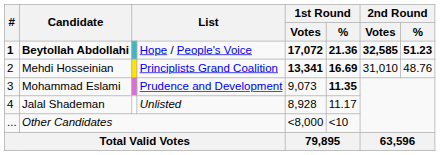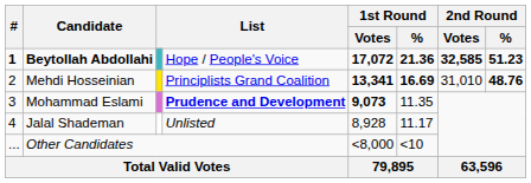 <table class="wikitable">
 <tr>
 <th rowspan="2">#</th>
 <th rowspan="2">Candidate</th>
 <th rowspan="2" colspan="2">List</th>
 <th colspan="2">1st Round</th>
 <th colspan="2">2nd Round</th>
 </tr>
 <tr>
 <th>Votes</th>
 <th>%</th>
 <th>Votes</th>
 <th>%</th>
 </tr>
 <tr>
 <td><strong>1</strong></td>
 <td><strong>Beytollah Abdollahi</strong></td>
 <td style="background:#3cb8c2"></td>
 <td><a href='#'>Hope</a> / <a href='#'>People's Voice</a></td>
 <td><strong>17,072</strong></td>
 <td><strong>21.36</strong></td>
 <td><strong>32,585</strong></td>
 <td><strong>51.23</strong></td>
 </tr>
 <tr>
 <td>2</td>
 <td>Mehdi Hosseinian</td>
 <td style="background:#ffe500"></td>
 <td><a href='#'>Principlists Grand Coalition</a></td>
 <td><strong>13,341</strong></td>
 <td><strong>16.69</strong></td>
 <td>31,010</td>
-<td>48.76</td>
+<td><strong>48.76</strong></td>
 </tr>
 <tr>
 <td>3</td>
 <td>Mohammad Eslami</td>
 <td style="background:#DA70D6"></td>
-<td><a href='#'>Prudence and Development</a></td>
-<td>9,073</td>
-<td><strong>11.35</strong></td>
+<td><strong><a href='#'>Prudence and Development</a></strong></td>
+<td><strong>9,073</strong></td>
+<td>11.35</td>
 <td rowspan="3" colspan="2"></td>
 </tr>
 <tr>
 <td>4</td>
 <td>Jalal Shademan</td>
 <td style="background:#FFFFFF"></td>
 <td><em>Unlisted</em></td>
 <td>8,928</td>
 <td>11.17</td>
 </tr>
 <tr>
 <td>...</td>
 <td colspan="3"><em>Other Candidates</em></td>
 <td><8,000</td>
 <td><10</td>
 </tr>
 <tr>
 <th colspan="4">Total Valid Votes</th>
 <th colspan="2">79,895</th>
 <th colspan="2">63,596</th>
 </tr>
 </table>
